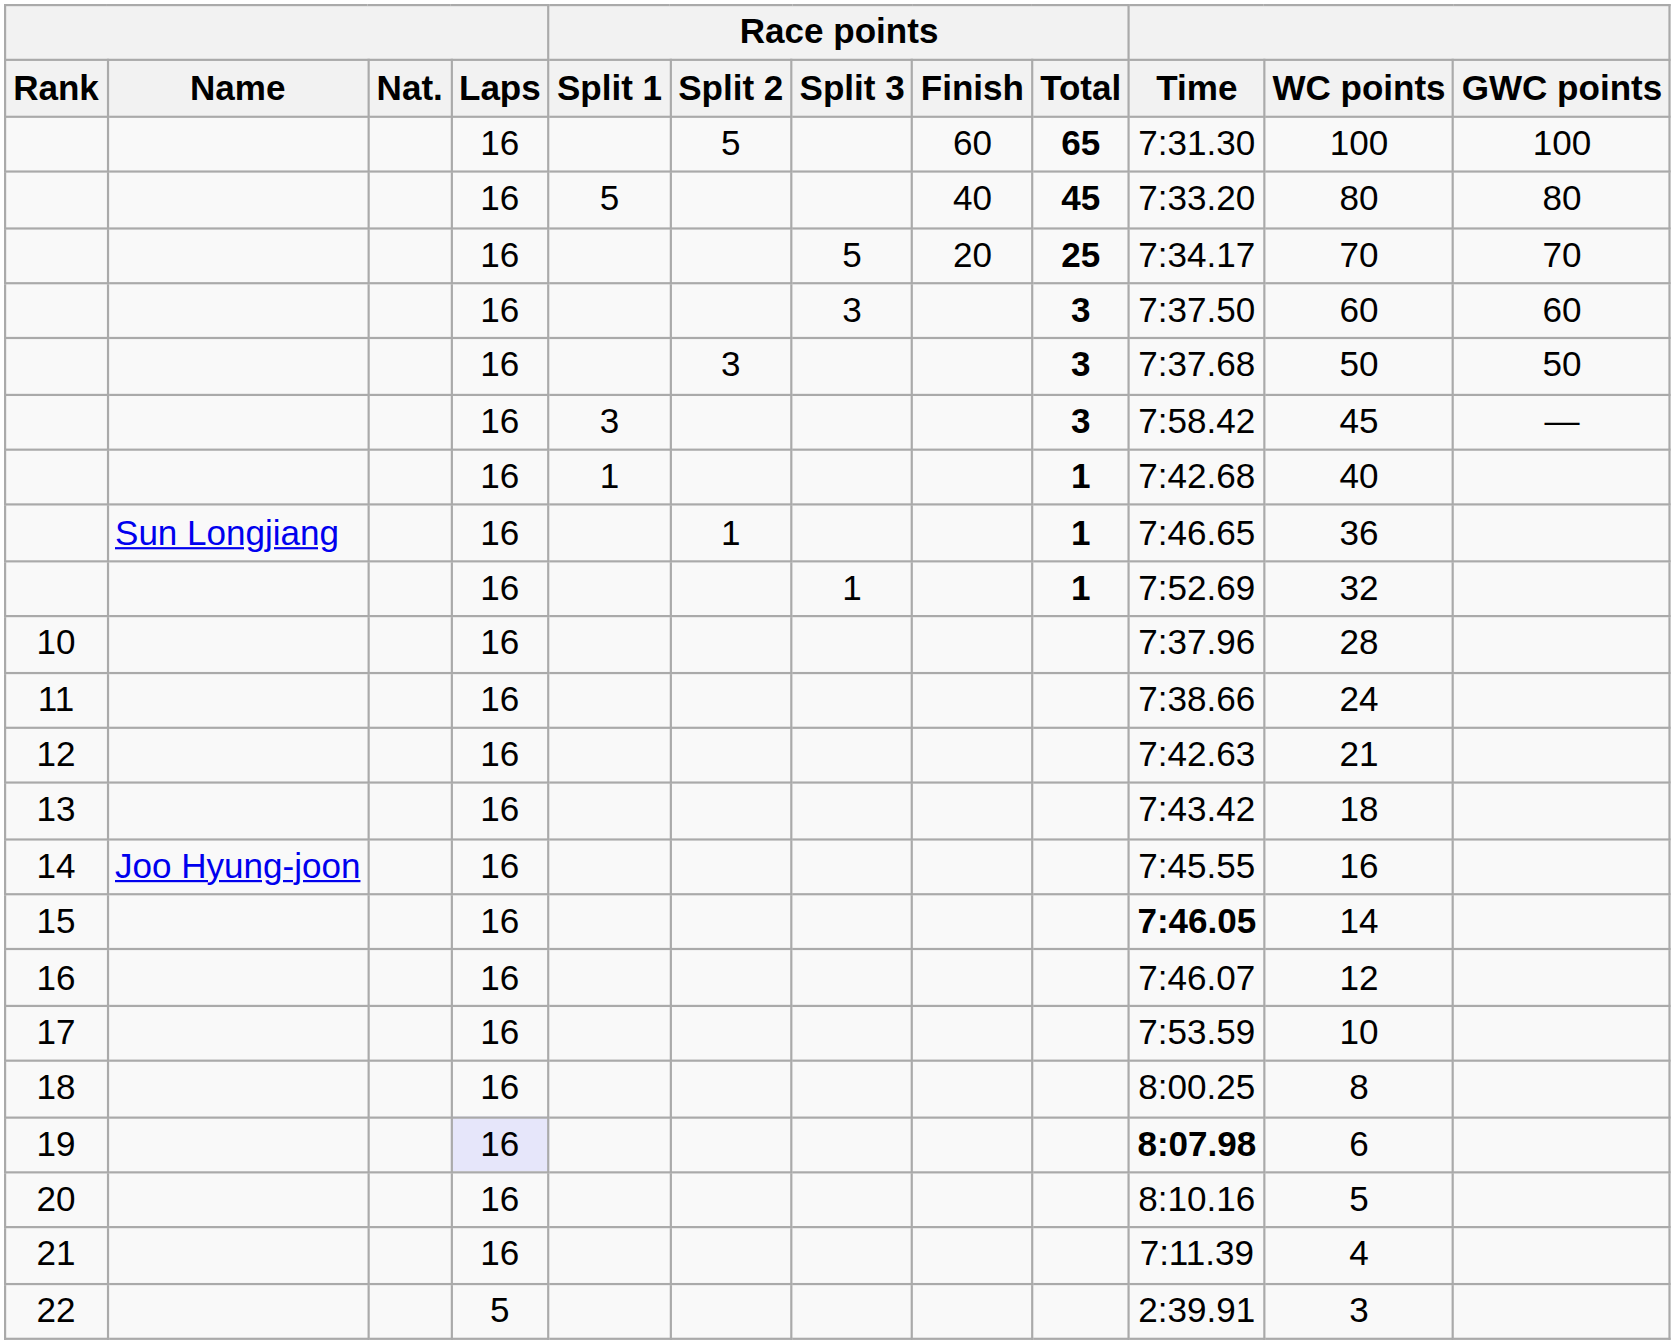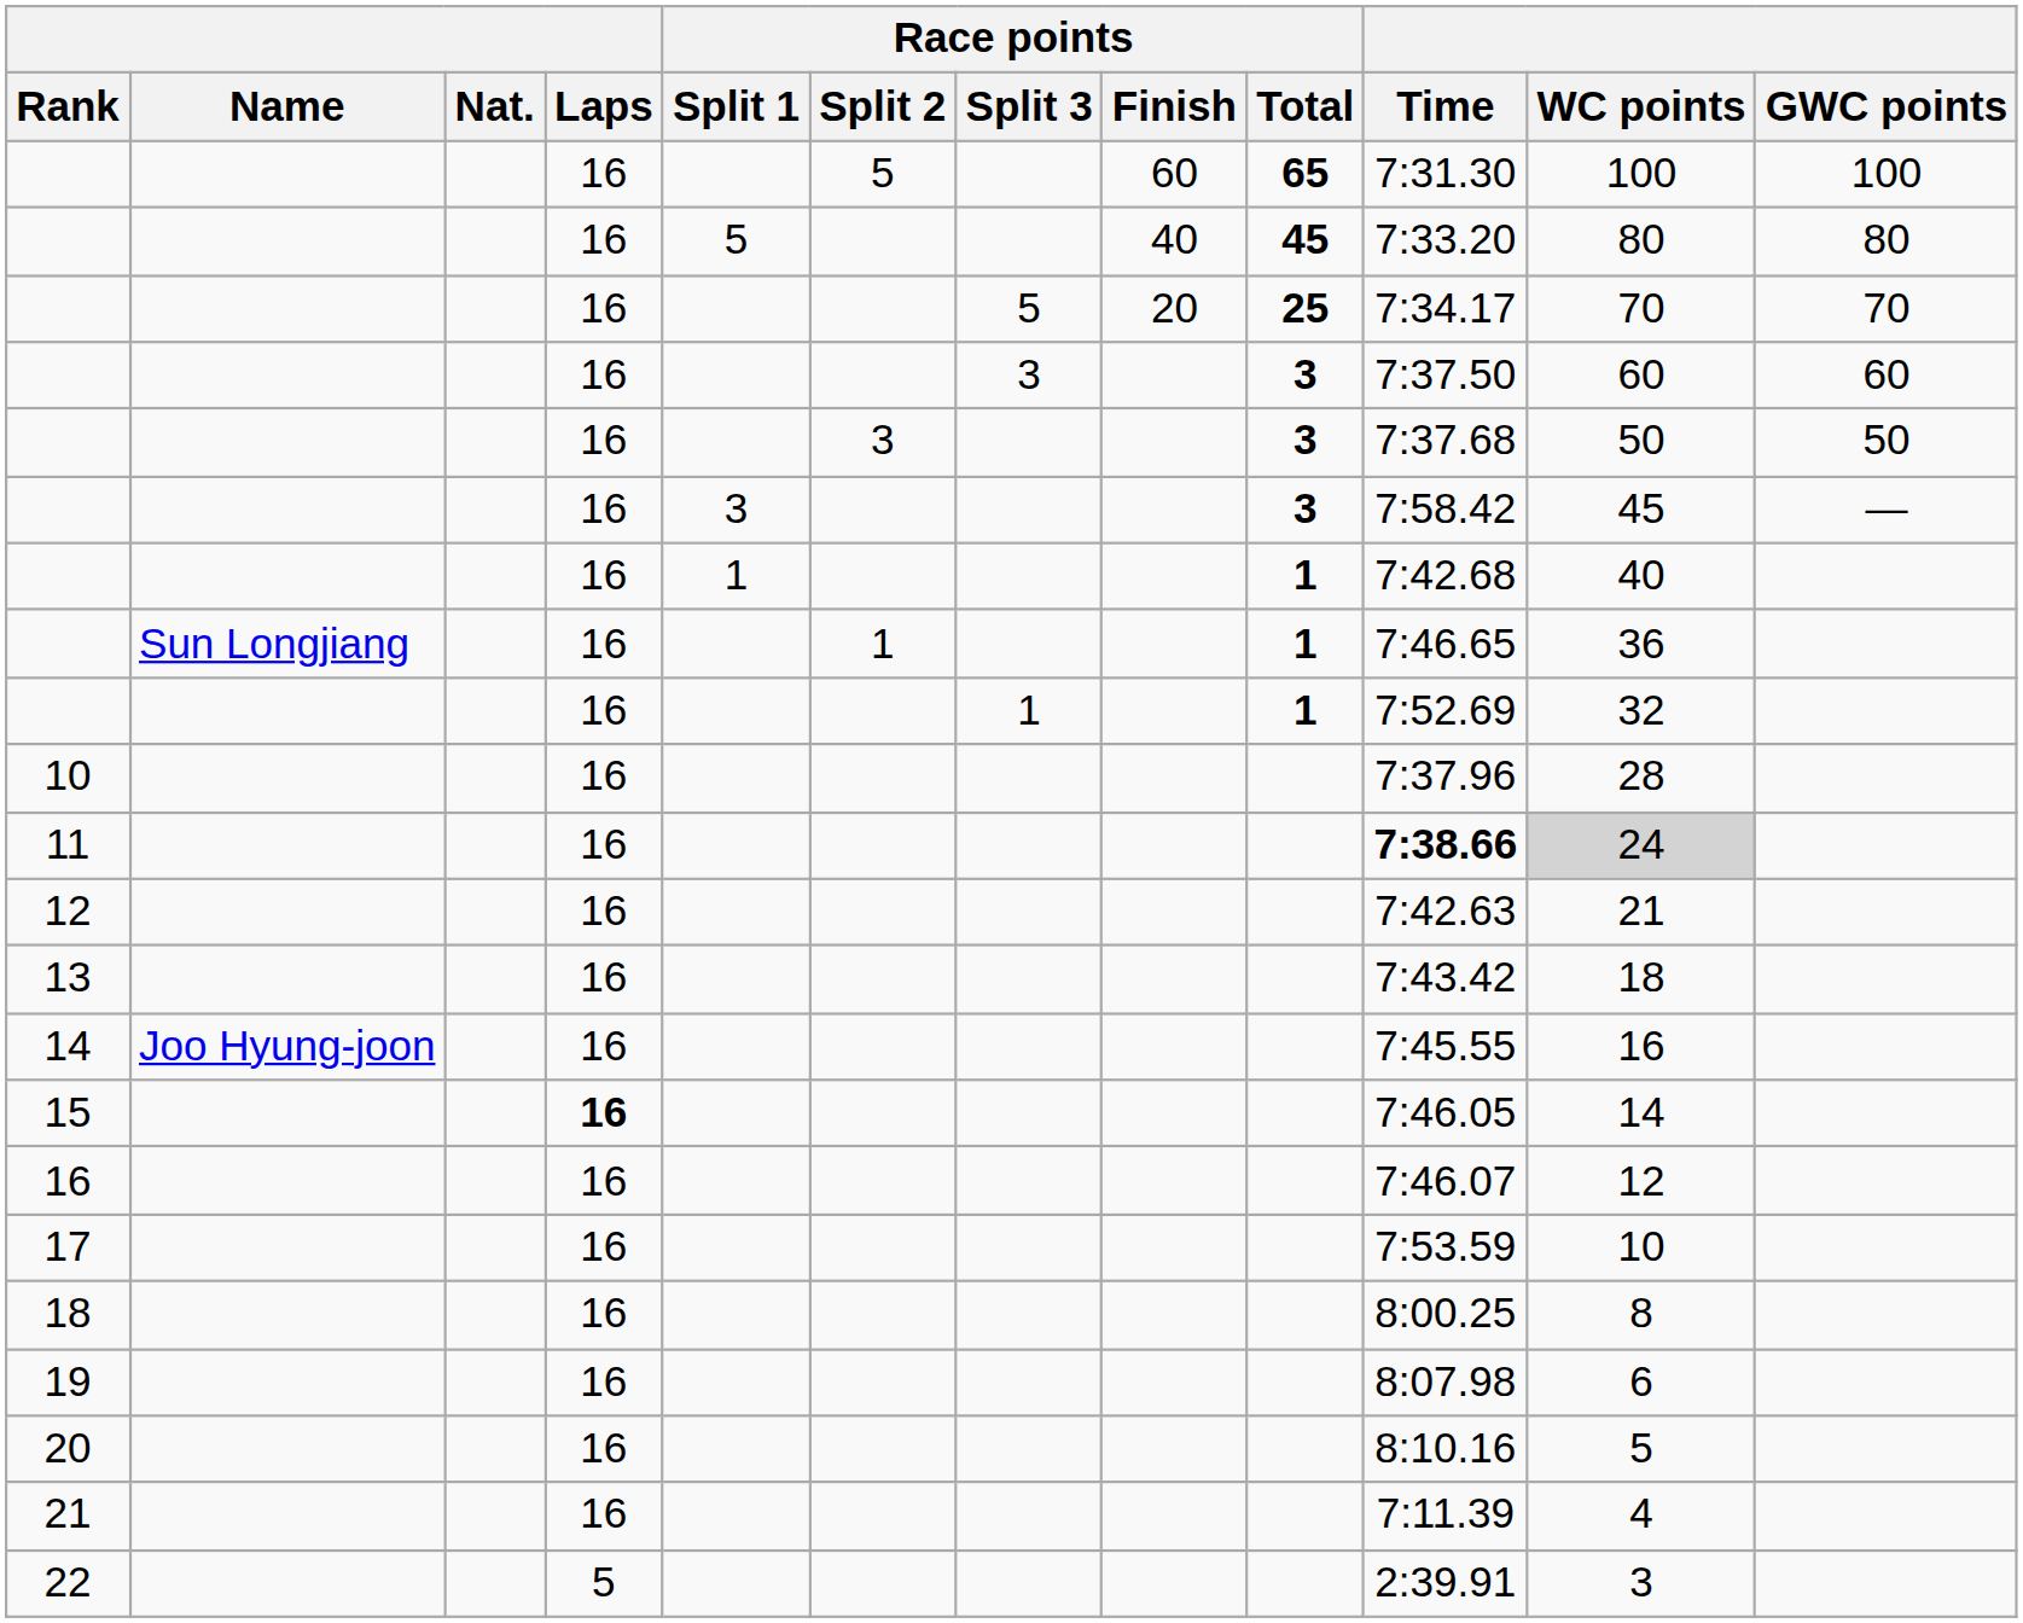 <table class="wikitable sortable" style="text-align:center">
 <tr>
 <th colspan=4></th>
 <th colspan=5>Race points</th>
 <th colspan=3></th>
 </tr>
 <tr>
 <th>Rank</th>
 <th>Name</th>
 <th>Nat.</th>
 <th>Laps</th>
 <th>Split 1</th>
 <th>Split 2</th>
 <th>Split 3</th>
 <th>Finish</th>
 <th>Total</th>
 <th>Time</th>
 <th>WC points</th>
 <th>GWC points</th>
 </tr>
 <tr>
 <td></td>
 <td align=left></td>
 <td></td>
 <td>16</td>
 <td></td>
 <td>5</td>
 <td></td>
 <td>60</td>
 <td><strong>65</strong></td>
 <td>7:31.30</td>
 <td>100</td>
 <td>100</td>
 </tr>
 <tr>
 <td></td>
 <td align=left></td>
 <td></td>
 <td>16</td>
 <td>5</td>
 <td></td>
 <td></td>
 <td>40</td>
 <td><strong>45</strong></td>
 <td>7:33.20</td>
 <td>80</td>
 <td>80</td>
 </tr>
 <tr>
 <td></td>
 <td align=left></td>
 <td></td>
 <td>16</td>
 <td></td>
 <td></td>
 <td>5</td>
 <td>20</td>
 <td><strong>25</strong></td>
 <td>7:34.17</td>
 <td>70</td>
 <td>70</td>
 </tr>
 <tr>
 <td></td>
 <td align=left></td>
 <td></td>
 <td>16</td>
 <td></td>
 <td></td>
 <td>3</td>
 <td></td>
 <td><strong>3</strong></td>
 <td>7:37.50</td>
 <td>60</td>
 <td>60</td>
 </tr>
 <tr>
 <td></td>
 <td align=left></td>
 <td></td>
 <td>16</td>
 <td></td>
 <td>3</td>
 <td></td>
 <td></td>
 <td><strong>3</strong></td>
 <td>7:37.68</td>
 <td>50</td>
 <td>50</td>
 </tr>
 <tr>
 <td></td>
 <td align=left></td>
 <td></td>
 <td>16</td>
 <td>3</td>
 <td></td>
 <td></td>
 <td></td>
 <td><strong>3</strong></td>
 <td>7:58.42</td>
 <td>45</td>
 <td>—</td>
 </tr>
 <tr>
 <td></td>
 <td align=left></td>
 <td></td>
 <td>16</td>
 <td>1</td>
 <td></td>
 <td></td>
 <td></td>
 <td><strong>1</strong></td>
 <td>7:42.68</td>
 <td>40</td>
 <td></td>
 </tr>
 <tr>
 <td></td>
 <td align=left><a href='#'>Sun Longjiang</a></td>
 <td></td>
 <td>16</td>
 <td></td>
 <td>1</td>
 <td></td>
 <td></td>
 <td><strong>1</strong></td>
 <td>7:46.65</td>
 <td>36</td>
 <td></td>
 </tr>
 <tr>
 <td></td>
 <td align=left></td>
 <td></td>
 <td>16</td>
 <td></td>
 <td></td>
 <td>1</td>
 <td></td>
 <td><strong>1</strong></td>
 <td>7:52.69</td>
 <td>32</td>
 <td></td>
 </tr>
 <tr>
 <td>10</td>
 <td align=left></td>
 <td></td>
 <td>16</td>
 <td></td>
 <td></td>
 <td></td>
 <td></td>
 <td></td>
 <td>7:37.96</td>
 <td>28</td>
 <td></td>
 </tr>
 <tr>
 <td>11</td>
 <td align=left></td>
 <td></td>
 <td>16</td>
 <td></td>
 <td></td>
 <td></td>
 <td></td>
 <td></td>
-<td>7:38.66</td>
-<td>24</td>
+<td><strong>7:38.66</strong></td>
+<td style="background: lightgrey;">24</td>
 <td></td>
 </tr>
 <tr>
 <td>12</td>
 <td align=left></td>
 <td></td>
 <td>16</td>
 <td></td>
 <td></td>
 <td></td>
 <td></td>
 <td></td>
 <td>7:42.63</td>
 <td>21</td>
 <td></td>
 </tr>
 <tr>
 <td>13</td>
 <td align=left></td>
 <td></td>
 <td>16</td>
 <td></td>
 <td></td>
 <td></td>
 <td></td>
 <td></td>
 <td>7:43.42</td>
 <td>18</td>
 <td></td>
 </tr>
 <tr>
 <td>14</td>
 <td align=left><a href='#'>Joo Hyung-joon</a></td>
 <td></td>
 <td>16</td>
 <td></td>
 <td></td>
 <td></td>
 <td></td>
 <td></td>
 <td>7:45.55</td>
 <td>16</td>
 <td></td>
 </tr>
 <tr>
 <td>15</td>
 <td align=left></td>
 <td></td>
-<td>16</td>
+<td><strong>16</strong></td>
 <td></td>
 <td></td>
 <td></td>
 <td></td>
 <td></td>
-<td><strong>7:46.05</strong></td>
+<td>7:46.05</td>
 <td>14</td>
 <td></td>
 </tr>
 <tr>
 <td>16</td>
 <td align=left></td>
 <td></td>
 <td>16</td>
 <td></td>
 <td></td>
 <td></td>
 <td></td>
 <td></td>
 <td>7:46.07</td>
 <td>12</td>
 <td></td>
 </tr>
 <tr>
 <td>17</td>
 <td align=left></td>
 <td></td>
 <td>16</td>
 <td></td>
 <td></td>
 <td></td>
 <td></td>
 <td></td>
 <td>7:53.59</td>
 <td>10</td>
 <td></td>
 </tr>
 <tr>
 <td>18</td>
 <td align=left></td>
 <td></td>
 <td>16</td>
 <td></td>
 <td></td>
 <td></td>
 <td></td>
 <td></td>
 <td>8:00.25</td>
 <td>8</td>
 <td></td>
 </tr>
 <tr>
 <td>19</td>
 <td align=left></td>
 <td></td>
-<td style="background: lavender;">16</td>
+<td>16</td>
 <td></td>
 <td></td>
 <td></td>
 <td></td>
 <td></td>
-<td><strong>8:07.98</strong></td>
+<td>8:07.98</td>
 <td>6</td>
 <td></td>
 </tr>
 <tr>
 <td>20</td>
 <td align=left></td>
 <td></td>
 <td>16</td>
 <td></td>
 <td></td>
 <td></td>
 <td></td>
 <td></td>
 <td>8:10.16</td>
 <td>5</td>
 <td></td>
 </tr>
 <tr>
 <td>21</td>
 <td align=left></td>
 <td></td>
 <td>16</td>
 <td></td>
 <td></td>
 <td></td>
 <td></td>
 <td></td>
 <td>7:11.39</td>
 <td>4</td>
 <td></td>
 </tr>
 <tr>
 <td>22</td>
 <td align=left></td>
 <td></td>
 <td>5</td>
 <td></td>
 <td></td>
 <td></td>
 <td></td>
 <td></td>
 <td>2:39.91</td>
 <td>3</td>
 <td></td>
 </tr>
 </table>
